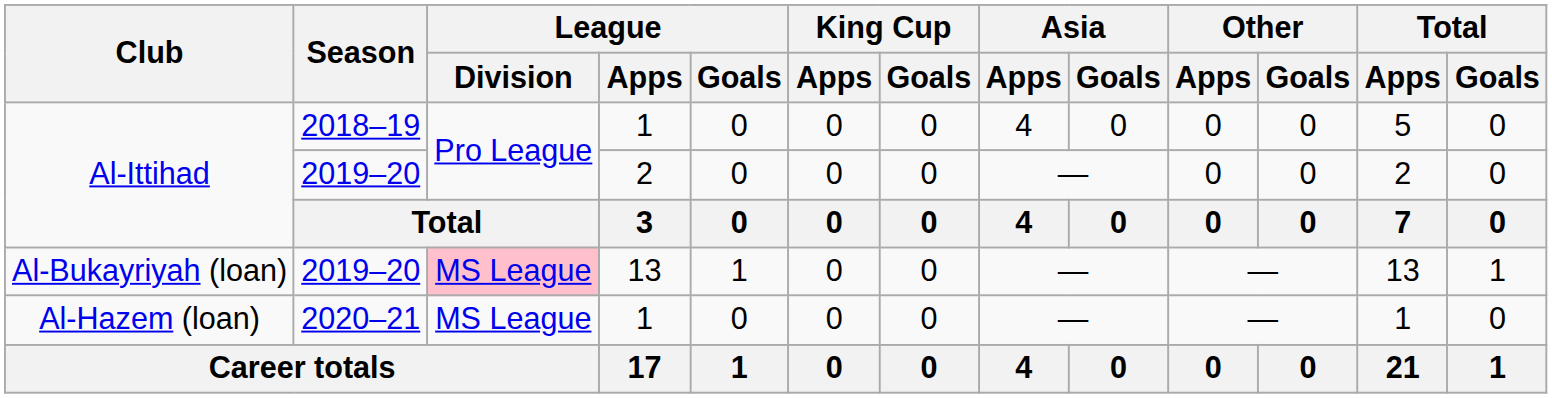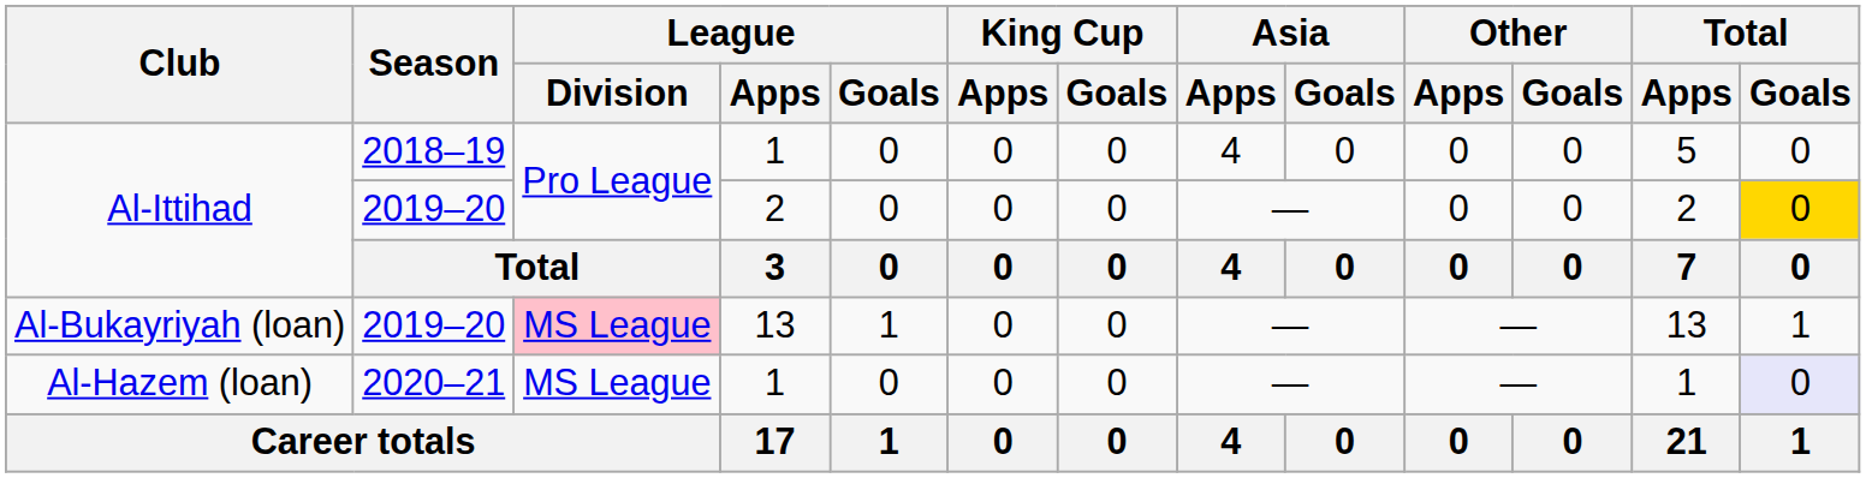 <table class="wikitable" style="text-align: center">
 <tr>
 <th rowspan=2>Club</th>
 <th rowspan=2>Season</th>
 <th colspan=3>League</th>
 <th colspan=2>King Cup</th>
 <th colspan=2>Asia</th>
 <th colspan=2>Other</th>
 <th colspan=2>Total</th>
 </tr>
 <tr>
 <th>Division</th>
 <th>Apps</th>
 <th>Goals</th>
 <th>Apps</th>
 <th>Goals</th>
 <th>Apps</th>
 <th>Goals</th>
 <th>Apps</th>
 <th>Goals</th>
 <th>Apps</th>
 <th>Goals</th>
 </tr>
 <tr>
 <td rowspan=3><a href='#'>Al-Ittihad</a></td>
 <td><a href='#'>2018–19</a></td>
 <td rowspan=2><a href='#'>Pro League</a></td>
 <td>1</td>
 <td>0</td>
 <td>0</td>
 <td>0</td>
 <td>4</td>
 <td>0</td>
 <td>0</td>
 <td>0</td>
 <td>5</td>
 <td>0</td>
 </tr>
 <tr>
 <td><a href='#'>2019–20</a></td>
 <td>2</td>
 <td>0</td>
 <td>0</td>
 <td>0</td>
 <td colspan=2>—</td>
 <td>0</td>
 <td>0</td>
 <td>2</td>
-<td>0</td>
+<td style="background: gold;">0</td>
 </tr>
 <tr>
 <th colspan=2>Total</th>
 <th>3</th>
 <th>0</th>
 <th>0</th>
 <th>0</th>
 <th>4</th>
 <th>0</th>
 <th>0</th>
 <th>0</th>
 <th>7</th>
 <th>0</th>
 </tr>
 <tr>
 <td rowspan=1><a href='#'>Al-Bukayriyah</a> (loan)</td>
 <td><a href='#'>2019–20</a></td>
 <td rowspan=1 style="background: pink;"><a href='#'>MS League</a></td>
 <td>13</td>
 <td>1</td>
 <td>0</td>
 <td>0</td>
 <td colspan=2>—</td>
 <td colspan=2>—</td>
 <td>13</td>
 <td>1</td>
 </tr>
 <tr>
 <td rowspan=1><a href='#'>Al-Hazem</a> (loan)</td>
 <td><a href='#'>2020–21</a></td>
 <td rowspan=1><a href='#'>MS League</a></td>
 <td>1</td>
 <td>0</td>
 <td>0</td>
 <td>0</td>
 <td colspan=2>—</td>
 <td colspan=2>—</td>
 <td>1</td>
-<td>0</td>
+<td style="background: lavender;">0</td>
 </tr>
 <tr>
 <th colspan=3>Career totals</th>
 <th>17</th>
 <th>1</th>
 <th>0</th>
 <th>0</th>
 <th>4</th>
 <th>0</th>
 <th>0</th>
 <th>0</th>
 <th>21</th>
 <th>1</th>
 </tr>
 </table>
